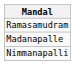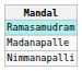 <table class="wikitable sortable static-row-numbers static-row-header-hash">
 <tr>
 <th>Mandal</th>
 </tr>
 <tr>
-<td>Ramasamudram</td>
+<td style="background: paleturquoise;">Ramasamudram</td>
 </tr>
 <tr>
 <td>Madanapalle</td>
 </tr>
 <tr>
 <td>Nimmanapalli</td>
 </tr>
 </table>
